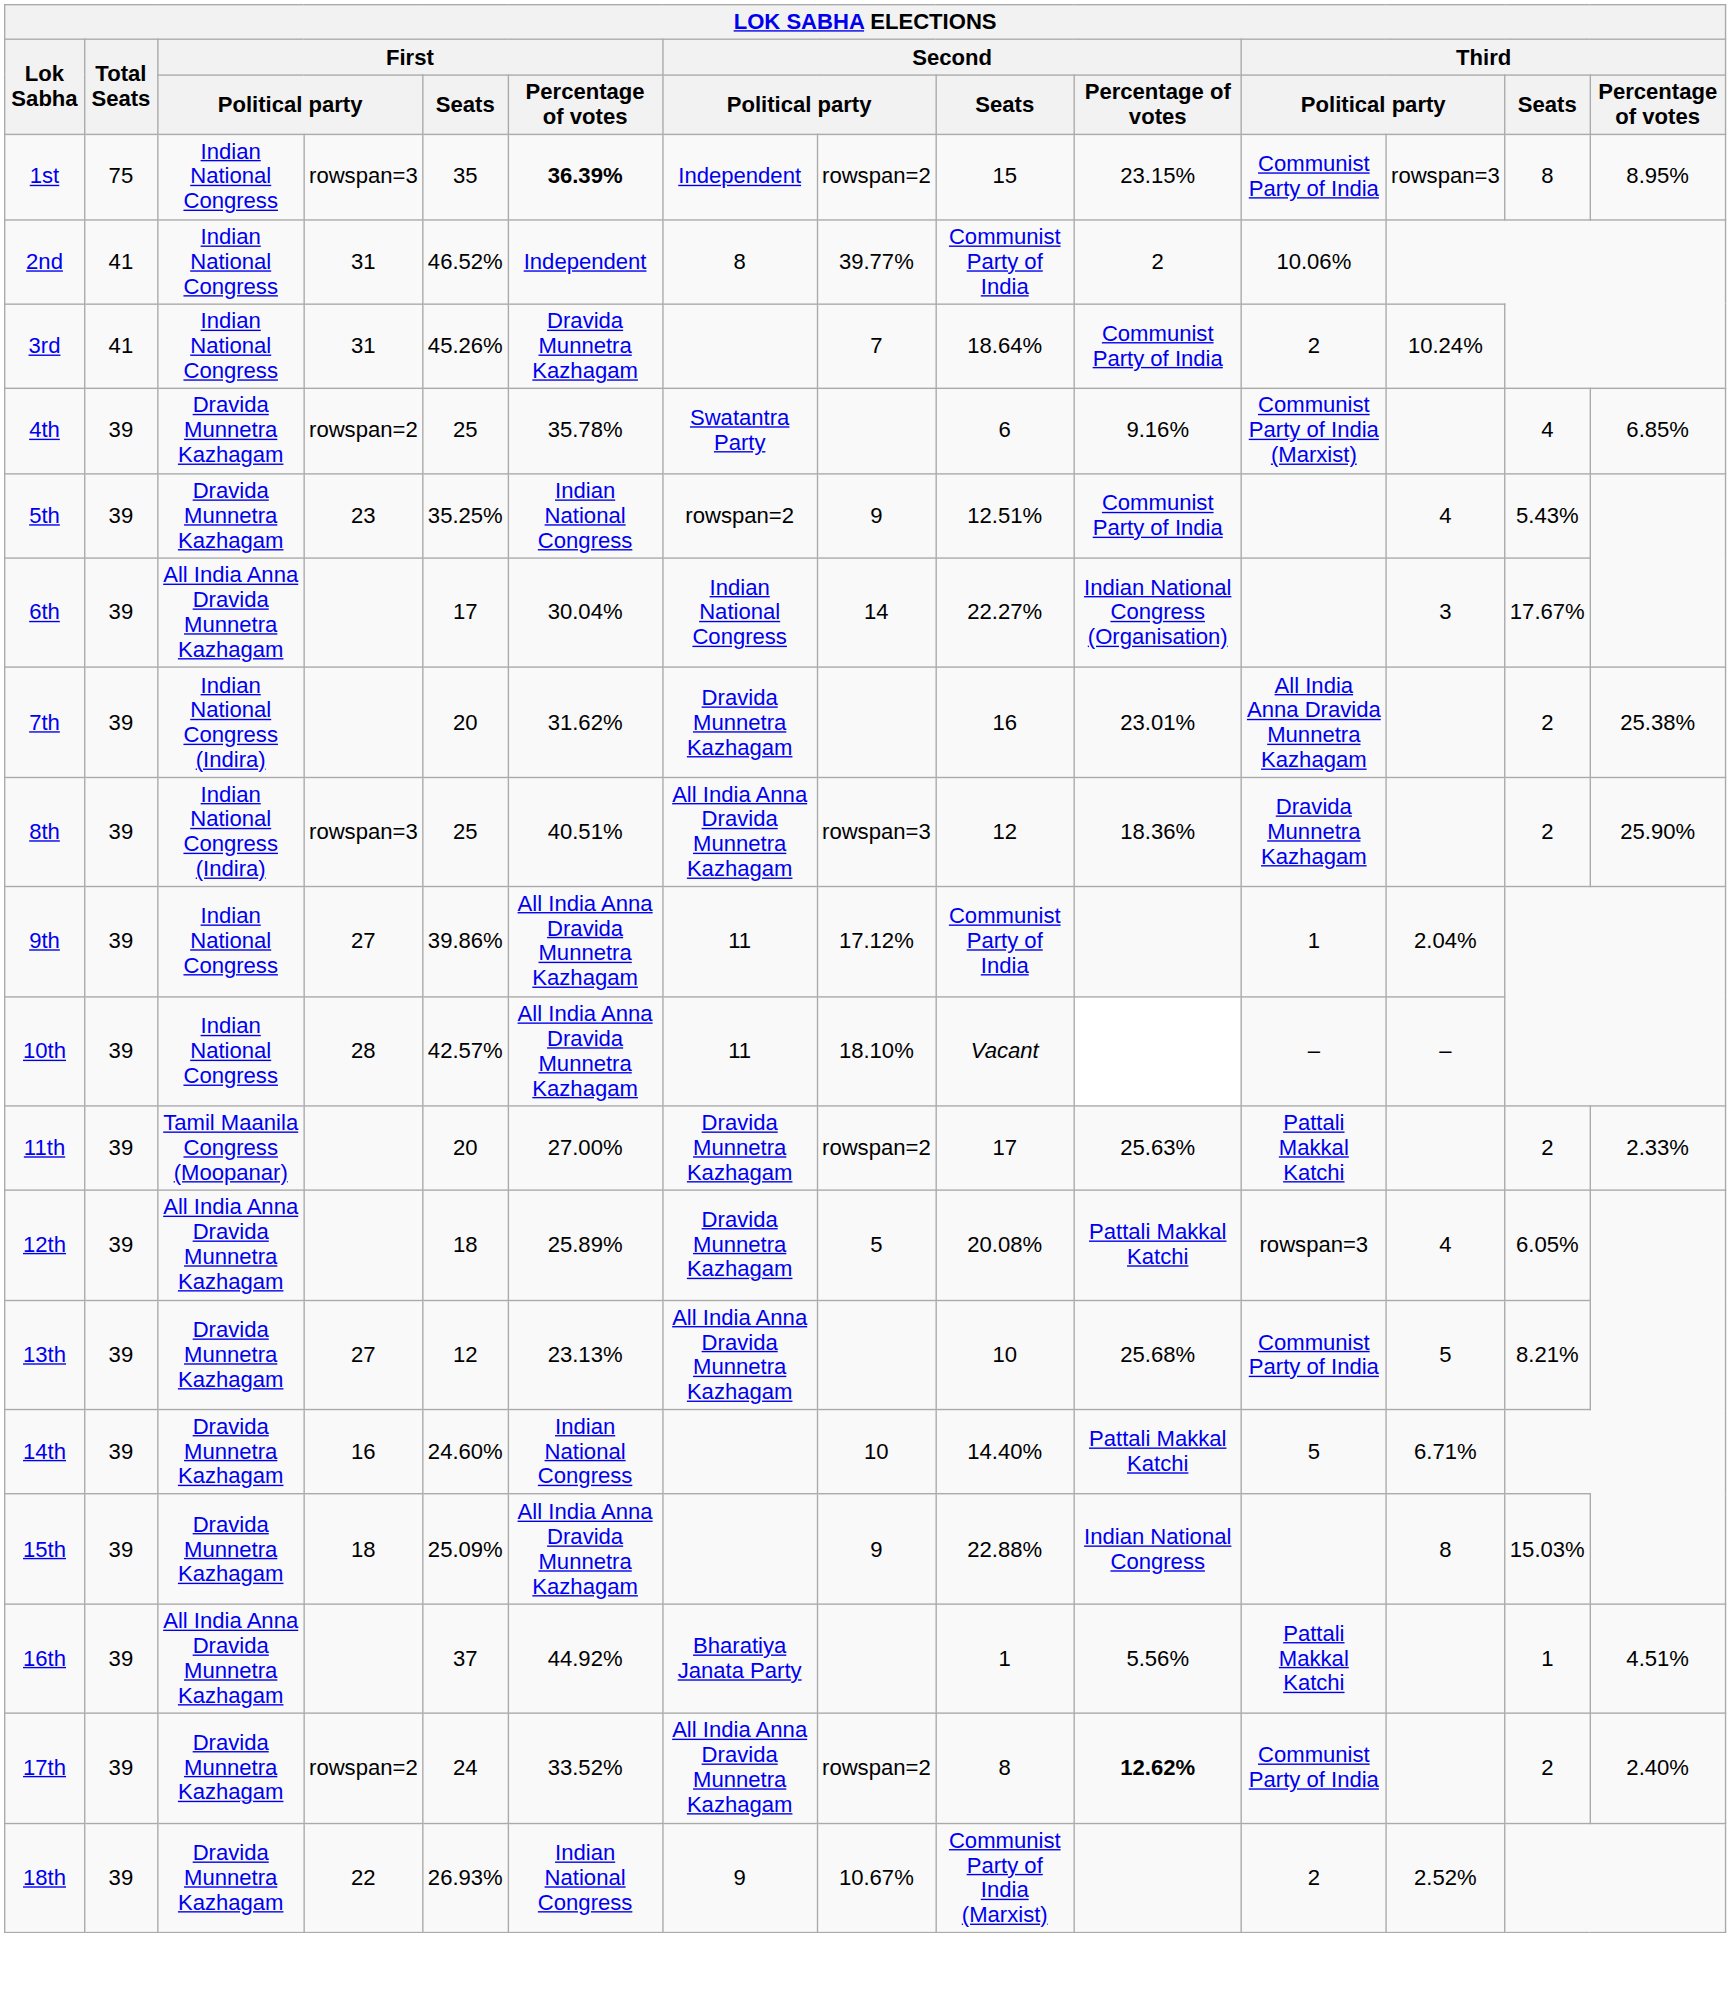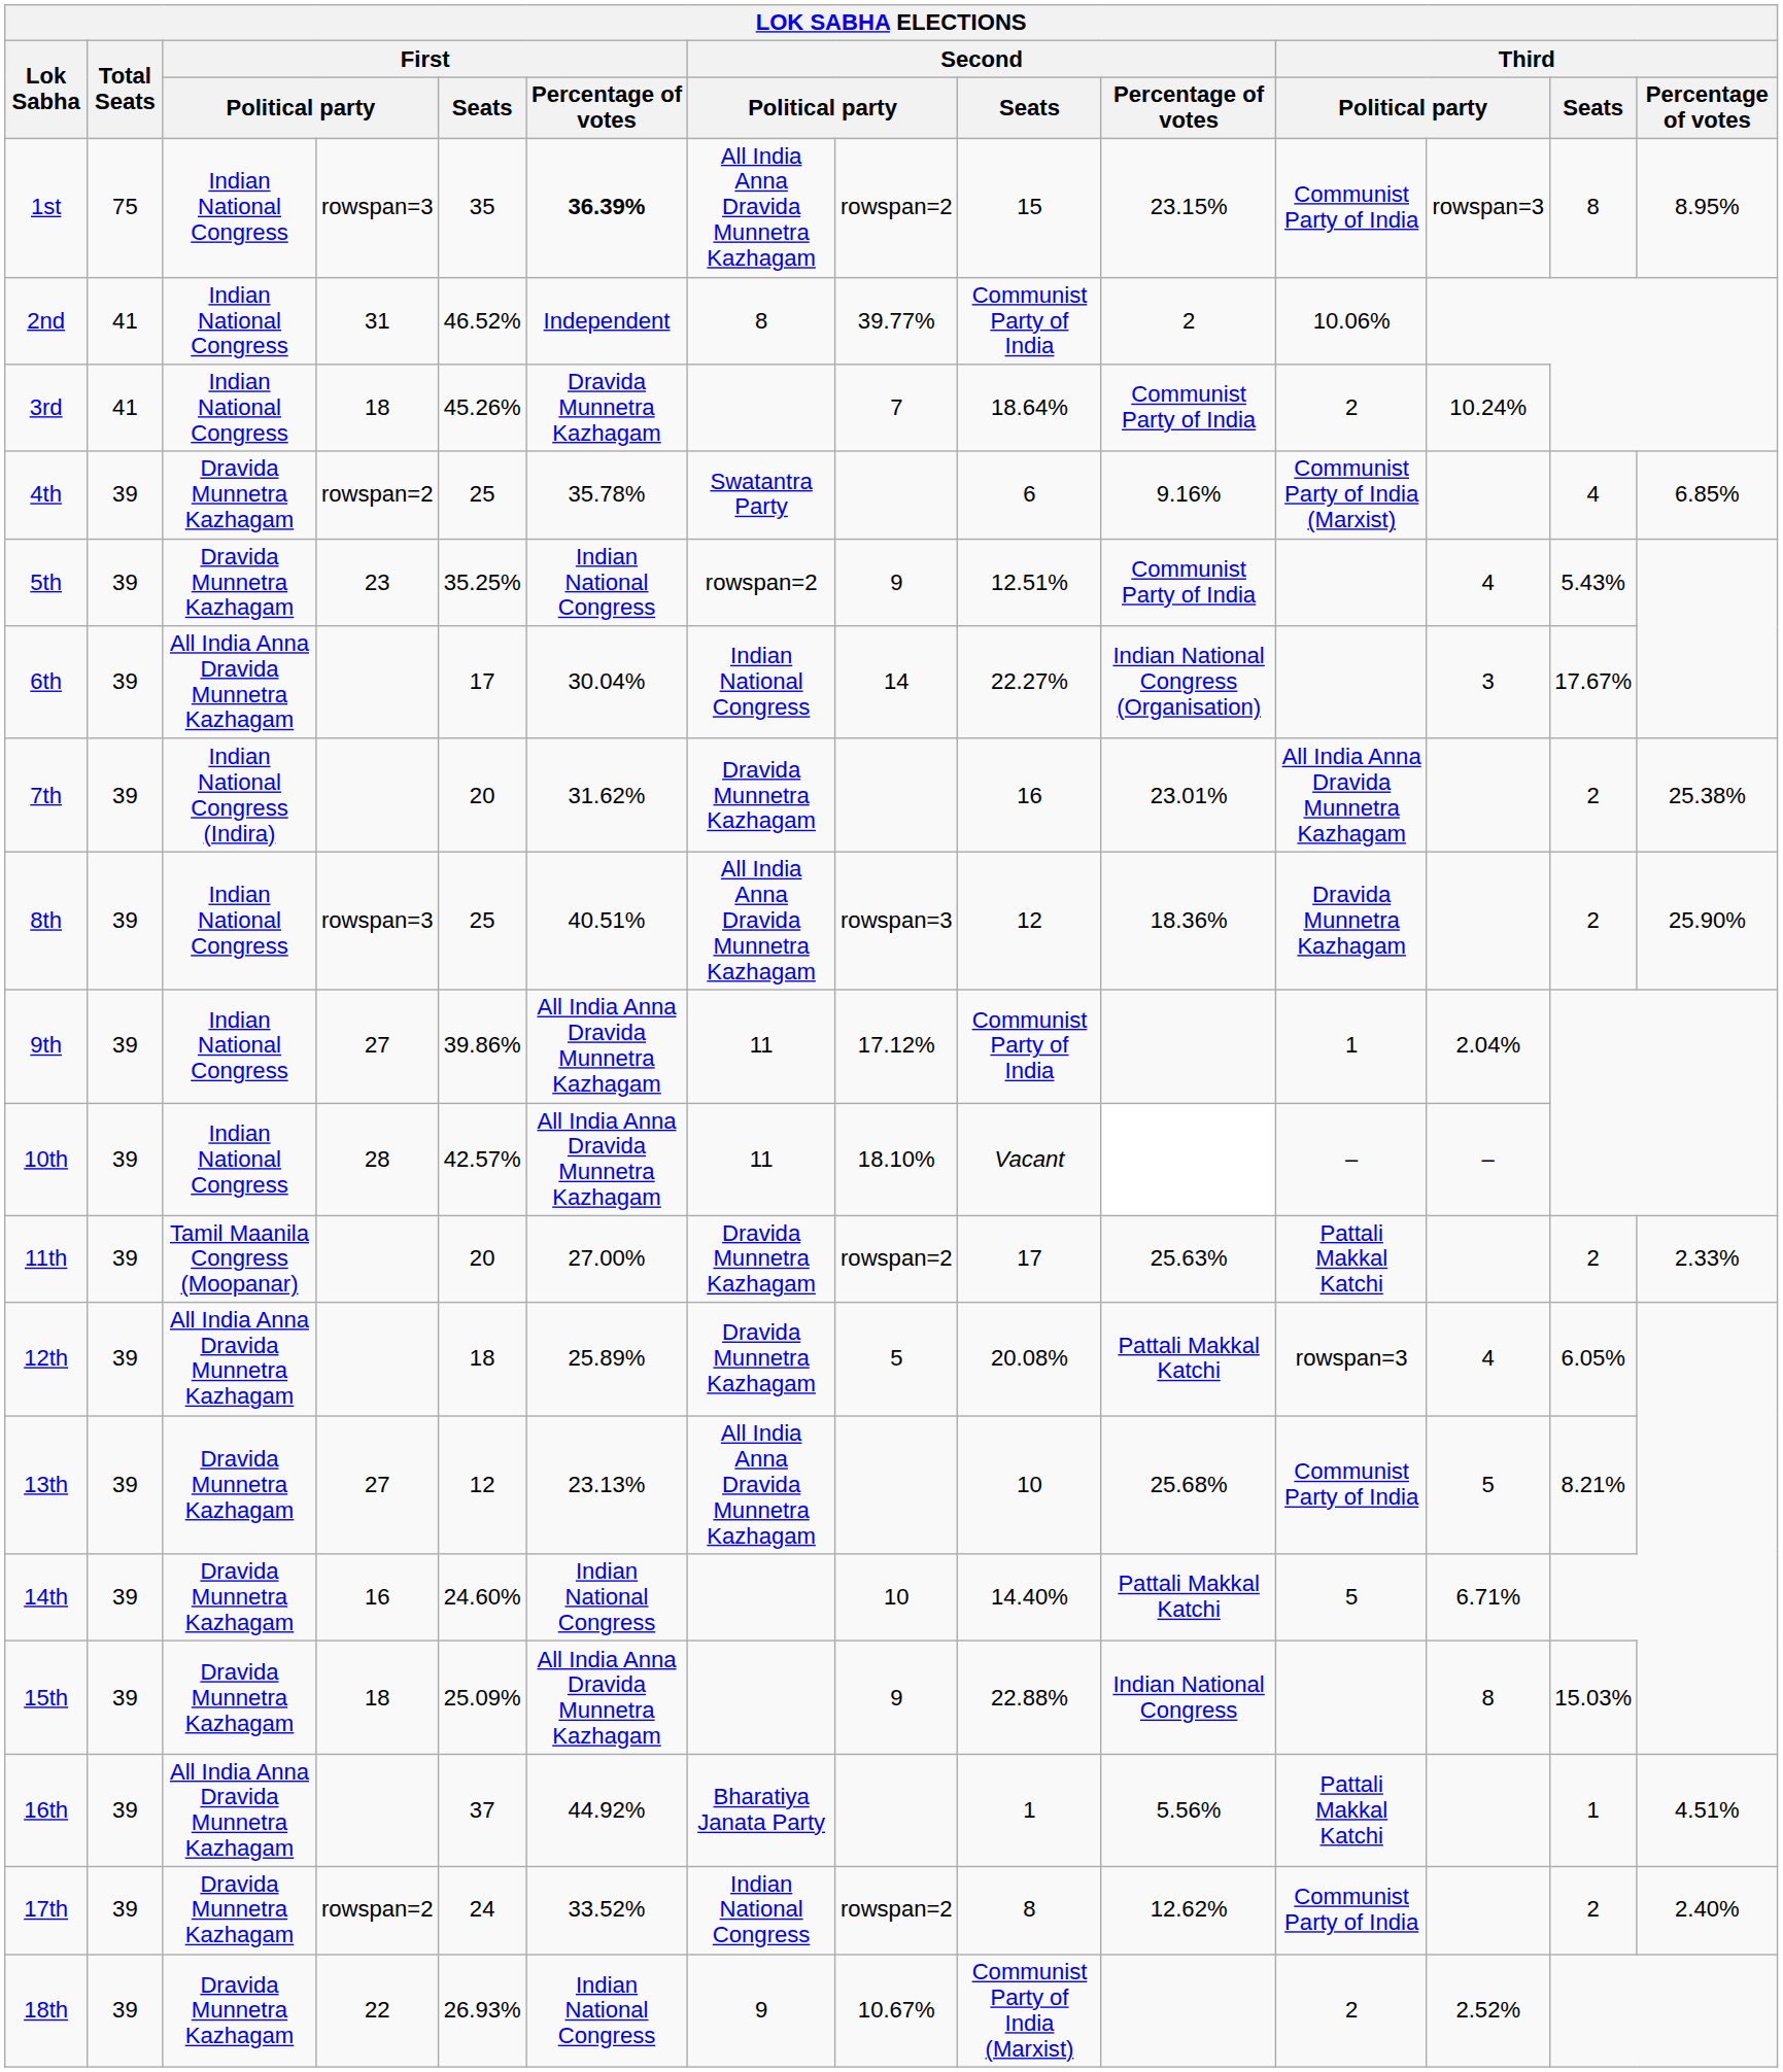 <table class="wikitable" style="text-align:center;">
 <tr>
 <th colspan=14><strong><a href='#'>LOK SABHA</a> ELECTIONS</strong></th>
 </tr>
 <tr>
 <th rowspan=2>Lok Sabha<br></th>
 <th rowspan=2>Total Seats</th>
 <th colspan=4>First</th>
 <th colspan=4>Second</th>
 <th colspan=4>Third</th>
 </tr>
 <tr>
 <th colspan=2>Political party</th>
 <th>Seats</th>
 <th>Percentage of votes</th>
 <th colspan=2>Political party</th>
 <th>Seats</th>
 <th>Percentage of votes</th>
 <th colspan=2>Political party</th>
 <th>Seats</th>
 <th>Percentage of votes</th>
 </tr>
 <tr>
 <td><a href='#'>1st</a><br></td>
 <td>75</td>
 <td><a href='#'>Indian National Congress</a></td>
 <td>rowspan=3 </td>
 <td>35</td>
 <td><strong>36.39%</strong></td>
-<td><a href='#'>Independent</a></td>
+<td><a href='#'>All India Anna Dravida Munnetra Kazhagam</a></td>
 <td>rowspan=2 </td>
 <td>15</td>
 <td>23.15%</td>
 <td><a href='#'>Communist Party of India</a></td>
 <td>rowspan=3 </td>
 <td>8</td>
 <td>8.95%</td>
 </tr>
 <tr>
 <td><a href='#'>2nd</a><br></td>
 <td>41</td>
 <td><a href='#'>Indian National Congress</a></td>
 <td>31</td>
 <td>46.52%</td>
 <td><a href='#'>Independent</a></td>
 <td>8</td>
 <td>39.77%</td>
 <td><a href='#'>Communist Party of India</a></td>
 <td>2</td>
 <td>10.06%</td>
 </tr>
 <tr>
 <td><a href='#'>3rd</a><br></td>
 <td>41</td>
 <td><a href='#'>Indian National Congress</a></td>
-<td>31</td>
+<td>18</td>
 <td>45.26%</td>
 <td><a href='#'>Dravida Munnetra Kazhagam</a></td>
 <td></td>
 <td>7</td>
 <td>18.64%</td>
 <td><a href='#'>Communist Party of India</a></td>
 <td>2</td>
 <td>10.24%</td>
 </tr>
 <tr>
 <td><a href='#'>4th</a><br></td>
 <td>39</td>
 <td><a href='#'>Dravida Munnetra Kazhagam</a></td>
 <td>rowspan=2 </td>
 <td>25</td>
 <td>35.78%</td>
 <td><a href='#'>Swatantra Party</a></td>
 <td></td>
 <td>6</td>
 <td>9.16%</td>
 <td><a href='#'>Communist Party of India (Marxist)</a></td>
 <td></td>
 <td>4</td>
 <td>6.85%</td>
 </tr>
 <tr>
 <td><a href='#'>5th</a><br></td>
 <td>39</td>
 <td><a href='#'>Dravida Munnetra Kazhagam</a></td>
 <td>23</td>
 <td>35.25%</td>
 <td><a href='#'>Indian National Congress</a></td>
 <td>rowspan=2 </td>
 <td>9</td>
 <td>12.51%</td>
 <td><a href='#'>Communist Party of India</a></td>
 <td></td>
 <td>4</td>
 <td>5.43%</td>
 </tr>
 <tr>
 <td><a href='#'>6th</a><br></td>
 <td>39</td>
 <td><a href='#'>All India Anna Dravida Munnetra Kazhagam</a></td>
 <td></td>
 <td>17</td>
 <td>30.04%</td>
 <td><a href='#'>Indian National Congress</a></td>
 <td>14</td>
 <td>22.27%</td>
 <td><a href='#'>Indian National Congress (Organisation)</a></td>
 <td></td>
 <td>3</td>
 <td>17.67%</td>
 </tr>
 <tr>
 <td><a href='#'>7th</a><br></td>
 <td>39</td>
 <td><a href='#'>Indian National Congress (Indira)</a></td>
 <td></td>
 <td>20</td>
 <td>31.62%</td>
 <td><a href='#'>Dravida Munnetra Kazhagam</a></td>
 <td></td>
 <td>16</td>
 <td>23.01%</td>
 <td><a href='#'>All India Anna Dravida Munnetra Kazhagam</a></td>
 <td></td>
 <td>2</td>
 <td>25.38%</td>
 </tr>
 <tr>
 <td><a href='#'>8th</a><br></td>
 <td>39</td>
-<td><a href='#'>Indian National Congress (Indira)</a></td>
+<td><a href='#'>Indian National Congress</a></td>
 <td>rowspan=3 </td>
 <td>25</td>
 <td>40.51%</td>
 <td><a href='#'>All India Anna Dravida Munnetra Kazhagam</a></td>
 <td>rowspan=3 </td>
 <td>12</td>
 <td>18.36%</td>
 <td><a href='#'>Dravida Munnetra Kazhagam</a></td>
 <td></td>
 <td>2</td>
 <td>25.90%</td>
 </tr>
 <tr>
 <td><a href='#'>9th</a><br></td>
 <td>39</td>
 <td><a href='#'>Indian National Congress</a></td>
 <td>27</td>
 <td>39.86%</td>
 <td><a href='#'>All India Anna Dravida Munnetra Kazhagam</a></td>
 <td>11</td>
 <td>17.12%</td>
 <td><a href='#'>Communist Party of India</a></td>
 <td></td>
 <td>1</td>
 <td>2.04%</td>
 </tr>
 <tr>
 <td><a href='#'>10th</a><br></td>
 <td>39</td>
 <td><a href='#'>Indian National Congress</a></td>
 <td>28</td>
 <td>42.57%</td>
 <td><a href='#'>All India Anna Dravida Munnetra Kazhagam</a></td>
 <td>11</td>
 <td>18.10%</td>
 <td><em>Vacant</em></td>
 <td style="background:white;"></td>
 <td>–</td>
 <td>–</td>
 </tr>
 <tr>
 <td><a href='#'>11th</a><br></td>
 <td>39</td>
 <td><a href='#'>Tamil Maanila Congress (Moopanar)</a></td>
 <td></td>
 <td>20</td>
 <td>27.00%</td>
 <td><a href='#'>Dravida Munnetra Kazhagam</a></td>
 <td>rowspan=2 </td>
 <td>17</td>
 <td>25.63%</td>
 <td><a href='#'>Pattali Makkal Katchi</a></td>
 <td></td>
 <td>2</td>
 <td>2.33%</td>
 </tr>
 <tr>
 <td><a href='#'>12th</a><br></td>
 <td>39</td>
 <td><a href='#'>All India Anna Dravida Munnetra Kazhagam</a></td>
 <td></td>
 <td>18</td>
 <td>25.89%</td>
 <td><a href='#'>Dravida Munnetra Kazhagam</a></td>
 <td>5</td>
 <td>20.08%</td>
 <td><a href='#'>Pattali Makkal Katchi</a></td>
 <td>rowspan=3 </td>
 <td>4</td>
 <td>6.05%</td>
 </tr>
 <tr>
 <td><a href='#'>13th</a><br></td>
 <td>39</td>
 <td><a href='#'>Dravida Munnetra Kazhagam</a></td>
 <td>27</td>
 <td>12</td>
 <td>23.13%</td>
 <td><a href='#'>All India Anna Dravida Munnetra Kazhagam</a></td>
 <td></td>
 <td>10</td>
 <td>25.68%</td>
 <td><a href='#'>Communist Party of India</a></td>
 <td>5</td>
 <td>8.21%</td>
 </tr>
 <tr>
 <td><a href='#'>14th</a><br></td>
 <td>39</td>
 <td><a href='#'>Dravida Munnetra Kazhagam</a></td>
 <td>16</td>
 <td>24.60%</td>
 <td><a href='#'>Indian National Congress</a></td>
 <td></td>
 <td>10</td>
 <td>14.40%</td>
 <td><a href='#'>Pattali Makkal Katchi</a></td>
 <td>5</td>
 <td>6.71%</td>
 </tr>
 <tr>
 <td><a href='#'>15th</a><br></td>
 <td>39</td>
 <td><a href='#'>Dravida Munnetra Kazhagam</a></td>
 <td>18</td>
 <td>25.09%</td>
 <td><a href='#'>All India Anna Dravida Munnetra Kazhagam</a></td>
 <td></td>
 <td>9</td>
 <td>22.88%</td>
 <td><a href='#'>Indian National Congress</a></td>
 <td></td>
 <td>8</td>
 <td>15.03%</td>
 </tr>
 <tr>
 <td><a href='#'>16th</a><br></td>
 <td>39</td>
 <td><a href='#'>All India Anna Dravida Munnetra Kazhagam</a></td>
 <td></td>
 <td>37</td>
 <td>44.92%</td>
 <td><a href='#'>Bharatiya Janata Party</a></td>
 <td></td>
 <td>1</td>
 <td>5.56%</td>
 <td><a href='#'>Pattali Makkal Katchi</a></td>
 <td></td>
 <td>1</td>
 <td>4.51%</td>
 </tr>
 <tr>
 <td><a href='#'>17th</a><br></td>
 <td>39</td>
 <td><a href='#'>Dravida Munnetra Kazhagam</a></td>
 <td>rowspan=2 </td>
 <td>24</td>
 <td>33.52%</td>
-<td><a href='#'>All India Anna Dravida Munnetra Kazhagam</a></td>
+<td><a href='#'>Indian National Congress</a></td>
 <td>rowspan=2 </td>
 <td>8</td>
-<td><strong>12.62%</strong></td>
+<td>12.62%</td>
 <td><a href='#'>Communist Party of India</a></td>
 <td></td>
 <td>2</td>
 <td>2.40%</td>
 </tr>
 <tr>
 <td><a href='#'>18th</a><br></td>
 <td>39</td>
 <td><a href='#'>Dravida Munnetra Kazhagam</a></td>
 <td>22</td>
 <td>26.93%</td>
 <td><a href='#'>Indian National Congress</a></td>
 <td>9</td>
 <td>10.67%</td>
 <td><a href='#'>Communist Party of India (Marxist)</a></td>
 <td></td>
 <td>2</td>
 <td>2.52%</td>
 </tr>
 </table>
